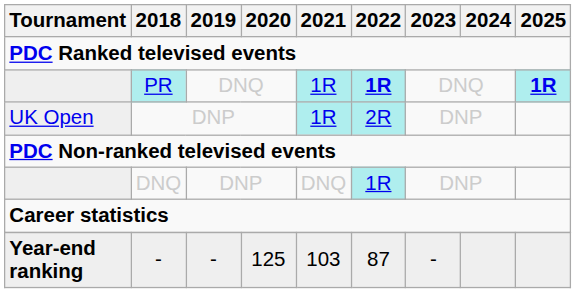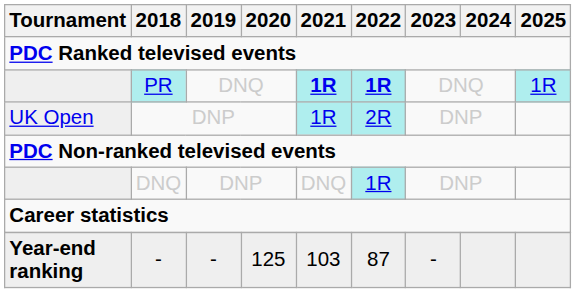 <table class="wikitable" style="width:30%; margin:0">
 <tr>
 <th>Tournament</th>
 <th>2018</th>
 <th>2019</th>
 <th>2020</th>
 <th>2021</th>
 <th>2022</th>
 <th>2023</th>
 <th>2024</th>
 <th>2025</th>
 </tr>
 <tr>
 <td colspan="31" align="left"><strong><a href='#'>PDC</a> Ranked televised events</strong></td>
 </tr>
 <tr>
 <td style="background:#efefef;"></td>
 <td style="text-align:center; background:#afeeee;"><a href='#'>PR</a></td>
 <td colspan="2" style="text-align:center; color:#ccc;">DNQ</td>
-<td style="text-align:center; background:#afeeee;"><a href='#'>1R</a></td>
+<td style="text-align:center; background:#afeeee;"><strong><a href='#'>1R</a></strong></td>
 <td style="text-align:center; background:#afeeee;"><strong><a href='#'>1R</a></strong></td>
 <td colspan="2" style="text-align:center; color:#ccc;">DNQ</td>
-<td style="text-align:center; background:#afeeee;"><strong><a href='#'>1R</a></strong></td>
+<td style="text-align:center; background:#afeeee;"><a href='#'>1R</a></td>
 </tr>
 <tr>
 <td style="background:#efefef;"><a href='#'>UK Open</a></td>
 <td colspan="3" style="text-align:center; color:#ccc;">DNP</td>
 <td style="text-align:center; background:#afeeee;"><a href='#'>1R</a></td>
 <td style="text-align:center; background:#afeeee;"><a href='#'>2R</a></td>
 <td colspan="2" style="text-align:center; color:#ccc;">DNP</td>
 <td></td>
 </tr>
 <tr>
 <td colspan="18" align="left"><strong><a href='#'>PDC</a> Non-ranked televised events</strong></td>
 </tr>
 <tr>
 <td style="background:#efefef;"></td>
 <td style="text-align:center; color:#ccc;">DNQ</td>
 <td colspan="2" style="text-align:center; color:#ccc;">DNP</td>
 <td style="text-align:center; color:#ccc;">DNQ</td>
 <td style="text-align:center; background:#afeeee;"><a href='#'>1R</a></td>
 <td colspan="2" style="text-align:center; color:#ccc;">DNP</td>
 <td></td>
 </tr>
 <tr>
 <td colspan="18" align="left"><strong>Career statistics</strong></td>
 </tr>
 <tr>
 </tr>
 <tr bgcolor="efefef">
 <td align="left"><strong>Year-end ranking</strong></td>
 <td style="text-align:center;">-</td>
 <td style="text-align:center;">-</td>
 <td style="text-align:center;">125</td>
 <td style="text-align:center;">103</td>
 <td style="text-align:center;">87</td>
 <td style="text-align:center;">-</td>
 <td style="text-align:center;"></td>
 <td style="text-align:center;"></td>
 </tr>
 </table>
